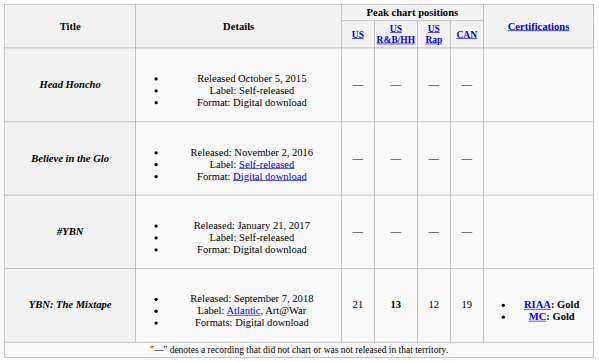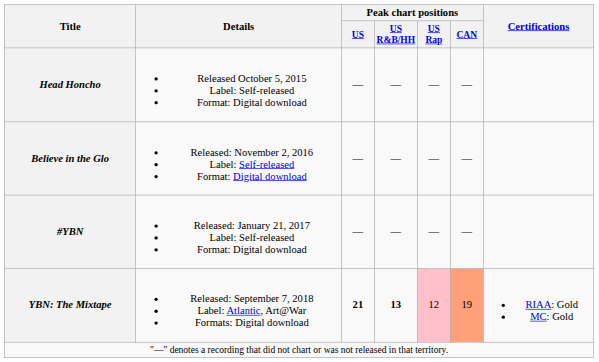 <table class="wikitable plainrowheaders" style="text-align: center;">
 <tr>
 <th scope="col" rowspan="2" style="width:12em;">Title</th>
 <th scope="col" rowspan="2" style="width:19em;">Details</th>
 <th scope="col" colspan="4">Peak chart positions</th>
 <th scope="col" rowspan="2" style="width:10em;"><a href='#'>Certifications</a></th>
 </tr>
 <tr>
 <th scope="col" style="width:3em;font-size:90%;"><a href='#'>US</a><br></th>
 <th scope="col" style="width:3em;font-size:90%;"><a href='#'>US R&B/HH</a><br></th>
 <th scope="col" style="width:3em;font-size:90%;"><a href='#'>US<br>Rap</a><br></th>
 <th scope="col" style="width:3em;font-size:90%;"><a href='#'>CAN</a><br></th>
 </tr>
 <tr>
 <th scope="row"><em>Head Honcho</em></th>
 <td><br><ul><li>Released October 5, 2015</li><li>Label: Self-released</li><li>Format: Digital download</li></ul></td>
 <td>—</td>
 <td>—</td>
 <td>—</td>
 <td>—</td>
 <td></td>
 </tr>
 <tr>
 <th scope="row"><em>Believe in the Glo</em></th>
 <td><br><ul><li>Released: November 2, 2016</li><li>Label: <a href='#'>Self-released</a></li><li>Format: <a href='#'>Digital download</a></li></ul></td>
 <td>—</td>
 <td>—</td>
 <td>—</td>
 <td>—</td>
 <td></td>
 </tr>
 <tr>
 <th scope="row"><em>#YBN</em></th>
 <td><br><ul><li>Released: January 21, 2017</li><li>Label: Self-released</li><li>Format: Digital download</li></ul></td>
 <td>—</td>
 <td>—</td>
 <td>—</td>
 <td>—</td>
 <td></td>
 </tr>
 <tr>
 <th scope="row"><em>YBN: The Mixtape</em><br></th>
 <td><br><ul><li>Released: September 7, 2018</li><li>Label: <a href='#'>Atlantic</a>, Art@War</li><li>Formats: Digital download</li></ul></td>
-<td>21</td>
+<td><strong>21</strong></td>
 <td><strong>13</strong></td>
-<td>12</td>
-<td>19</td>
-<td><strong><br><ul><li><a href='#'>RIAA</a>: Gold</li><li><a href='#'>MC</a>: Gold</li></ul></strong></td>
+<td style="background: pink;">12</td>
+<td style="background: lightsalmon;">19</td>
+<td><br><ul><li><a href='#'>RIAA</a>: Gold</li><li><a href='#'>MC</a>: Gold</li></ul></td>
 </tr>
 <tr>
 <td colspan="10" style="font-size:90%">"—" denotes a recording that did not chart or was not released in that territory.</td>
 </tr>
 </table>
